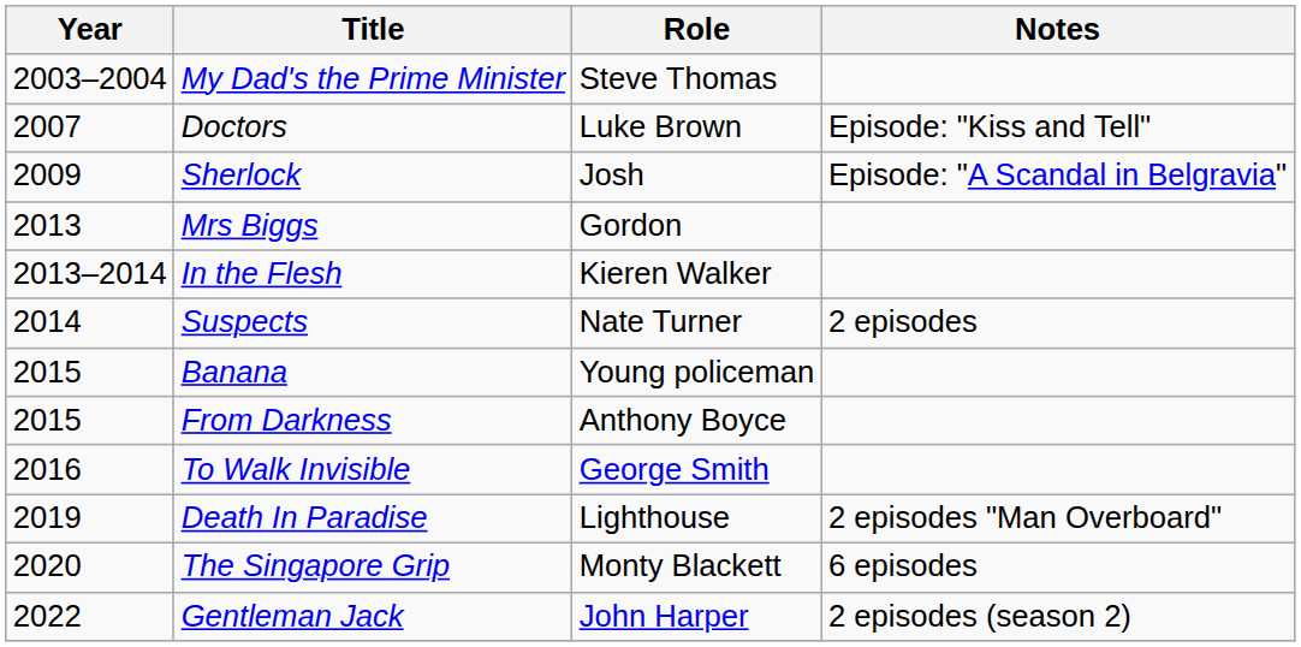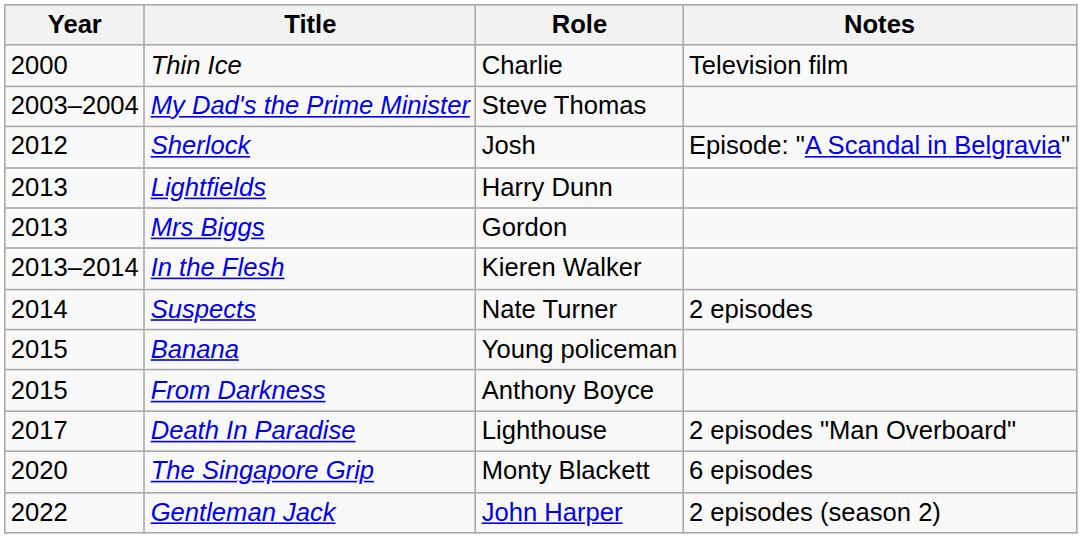 <table class="wikitable sortable">
 <tr>
 <th>Year</th>
 <th>Title</th>
 <th>Role</th>
 <th class="unsortable">Notes</th>
 </tr>
 <tr>
+<td>2000</td>
+<td><em>Thin Ice</em></td>
+<td>Charlie</td>
+<td>Television film</td>
+</tr>
+<tr>
 <td>2003–2004</td>
 <td><em><a href='#'>My Dad's the Prime Minister</a></em></td>
 <td>Steve Thomas</td>
 <td></td>
 </tr>
 <tr>
-<td>2007</td>
-<td><em>Doctors</em></td>
-<td>Luke Brown</td>
-<td>Episode: "Kiss and Tell"</td>
-</tr>
-<tr>
-<td>2009</td>
+<td>2012</td>
 <td><em><a href='#'>Sherlock</a></em></td>
 <td>Josh</td>
 <td>Episode: "<a href='#'>A Scandal in Belgravia</a>"</td>
+</tr>
+<tr>
+<td>2013</td>
+<td><em><a href='#'>Lightfields</a></em></td>
+<td>Harry Dunn</td>
+<td></td>
 </tr>
 <tr>
 <td>2013</td>
 <td><em><a href='#'>Mrs Biggs</a></em></td>
 <td>Gordon</td>
 <td></td>
 </tr>
 <tr>
 <td>2013–2014</td>
 <td><em><a href='#'>In the Flesh</a></em></td>
 <td>Kieren Walker</td>
 <td></td>
 </tr>
 <tr>
 <td>2014</td>
 <td><em><a href='#'>Suspects</a></em></td>
 <td>Nate Turner</td>
 <td>2 episodes</td>
 </tr>
 <tr>
 <td>2015</td>
 <td><em><a href='#'>Banana</a></em></td>
 <td>Young policeman</td>
 <td></td>
 </tr>
 <tr>
 <td>2015</td>
 <td><em><a href='#'>From Darkness</a></em></td>
 <td>Anthony Boyce</td>
 <td></td>
 </tr>
 <tr>
-<td>2016</td>
-<td><em><a href='#'>To Walk Invisible</a></em></td>
-<td><a href='#'>George Smith</a></td>
-<td></td>
-</tr>
-<tr>
-<td>2019</td>
+<td>2017</td>
 <td><em><a href='#'>Death In Paradise</a></em></td>
 <td>Lighthouse</td>
 <td>2 episodes "Man Overboard"</td>
 </tr>
 <tr>
 <td>2020</td>
 <td data-sort-value="Singapore Grip, The"><em><a href='#'>The Singapore Grip</a></em></td>
 <td>Monty Blackett</td>
 <td>6 episodes</td>
 </tr>
 <tr>
 <td>2022</td>
 <td><em><a href='#'>Gentleman Jack</a></em></td>
 <td><a href='#'>John Harper</a></td>
 <td>2 episodes (season 2)</td>
 </tr>
 </table>
